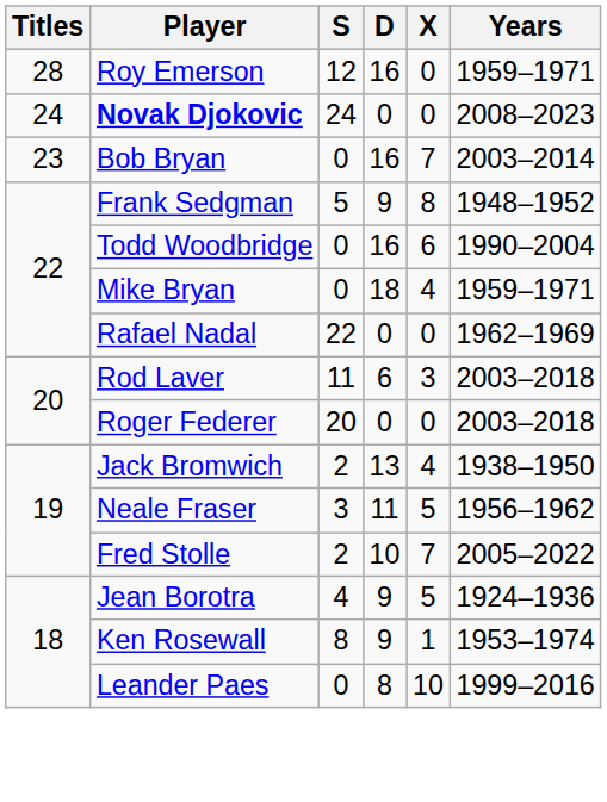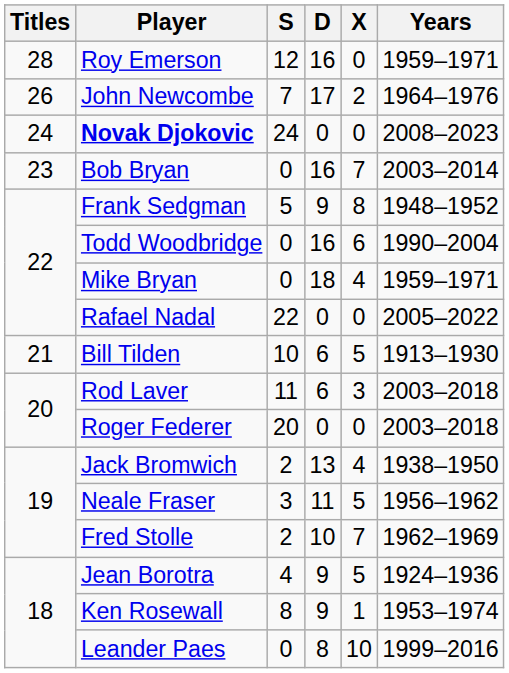 <table class="wikitable sortable sort-under-center mw-datatable" style="text-align:center; display:inline-table">
 <tr>
 <th scope="col">Titles</th>
 <th scope="col">Player</th>
 <th scope="col">S</th>
 <th scope="col">D</th>
 <th scope="col">X</th>
 <th scope="col">Years</th>
 </tr>
 <tr>
 <td>28</td>
 <td style="text-align: left;"> <a href='#'>Roy Emerson</a></td>
 <td>12</td>
 <td>16</td>
 <td>0</td>
 <td>1959–1971</td>
+</tr>
+<tr>
+<td>26</td>
+<td style="text-align: left;"> <a href='#'>John Newcombe</a></td>
+<td>7</td>
+<td>17</td>
+<td>2</td>
+<td>1964–1976</td>
 </tr>
 <tr>
 <td>24</td>
 <td style="text-align: left;"> <strong><a href='#'>Novak Djokovic</a></strong></td>
 <td>24</td>
 <td>0</td>
 <td>0</td>
 <td>2008–2023</td>
 </tr>
 <tr>
 <td>23</td>
 <td style="text-align: left;"> <a href='#'>Bob Bryan</a></td>
 <td>0</td>
 <td>16</td>
 <td>7</td>
 <td>2003–2014</td>
 </tr>
 <tr>
 <td rowspan="4">22</td>
 <td style="text-align: left;"> <a href='#'>Frank Sedgman</a></td>
 <td>5</td>
 <td>9</td>
 <td>8</td>
 <td>1948–1952</td>
 </tr>
 <tr>
 <td style="text-align: left;"> <a href='#'>Todd Woodbridge</a></td>
 <td>0</td>
 <td>16</td>
 <td>6</td>
 <td>1990–2004</td>
 </tr>
 <tr>
 <td style="text-align: left;"> <a href='#'>Mike Bryan</a></td>
 <td>0</td>
 <td>18</td>
 <td>4</td>
 <td>1959–1971</td>
 </tr>
 <tr>
 <td style="text-align: left;"> <a href='#'>Rafael Nadal</a></td>
 <td>22</td>
 <td>0</td>
 <td>0</td>
-<td>1962–1969</td>
+<td>2005–2022</td>
+</tr>
+<tr>
+<td>21</td>
+<td style="text-align: left;"> <a href='#'>Bill Tilden</a></td>
+<td>10</td>
+<td>6</td>
+<td>5</td>
+<td>1913–1930</td>
 </tr>
 <tr>
 <td rowspan="2">20</td>
 <td style="text-align: left;"> <a href='#'>Rod Laver</a></td>
 <td>11</td>
 <td>6</td>
 <td>3</td>
 <td>2003–2018</td>
 </tr>
 <tr>
 <td style="text-align: left;"> <a href='#'>Roger Federer</a></td>
 <td>20</td>
 <td>0</td>
 <td>0</td>
 <td>2003–2018</td>
 </tr>
 <tr>
 <td rowspan="3">19</td>
 <td style="text-align: left;"> <a href='#'>Jack Bromwich</a></td>
 <td>2</td>
 <td>13</td>
 <td>4</td>
 <td>1938–1950</td>
 </tr>
 <tr>
 <td style="text-align: left;"> <a href='#'>Neale Fraser</a></td>
 <td>3</td>
 <td>11</td>
 <td>5</td>
 <td>1956–1962</td>
 </tr>
 <tr>
 <td style="text-align: left;"> <a href='#'>Fred Stolle</a></td>
 <td>2</td>
 <td>10</td>
 <td>7</td>
-<td>2005–2022</td>
+<td>1962–1969</td>
 </tr>
 <tr>
 <td rowspan="3">18</td>
 <td style="text-align: left;"> <a href='#'>Jean Borotra</a></td>
 <td>4</td>
 <td>9</td>
 <td>5</td>
 <td>1924–1936</td>
 </tr>
 <tr>
 <td style="text-align: left;"> <a href='#'>Ken Rosewall</a></td>
 <td>8</td>
 <td>9</td>
 <td>1</td>
 <td>1953–1974</td>
 </tr>
 <tr>
 <td style="text-align: left;"> <a href='#'>Leander Paes</a></td>
 <td>0</td>
 <td>8</td>
 <td>10</td>
 <td>1999–2016</td>
 </tr>
 </table>
